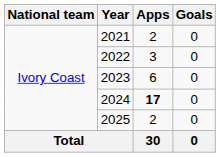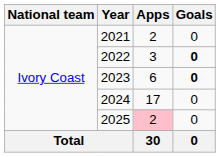 <table class="wikitable" style="text-align:center">
 <tr>
 <th>National team</th>
 <th>Year</th>
 <th>Apps</th>
 <th>Goals</th>
 </tr>
 <tr>
 <td rowspan="5"><a href='#'>Ivory Coast</a></td>
 <td>2021</td>
 <td>2</td>
 <td>0</td>
 </tr>
 <tr>
 <td>2022</td>
 <td>3</td>
-<td>0</td>
+<td><strong>0</strong></td>
 </tr>
 <tr>
 <td>2023</td>
 <td>6</td>
-<td>0</td>
+<td><strong>0</strong></td>
 </tr>
 <tr>
 <td>2024</td>
-<td><strong>17</strong></td>
+<td>17</td>
 <td>0</td>
 </tr>
 <tr>
 <td>2025</td>
-<td>2</td>
+<td style="background: pink;">2</td>
 <td>0</td>
 </tr>
 <tr>
 <th colspan="2">Total</th>
 <th>30</th>
 <th>0</th>
 </tr>
 </table>
